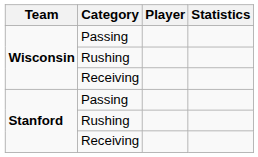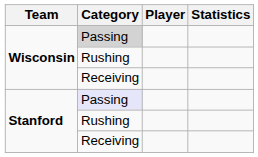 <table class="wikitable" style="float: right;">
 <tr>
 <th>Team</th>
 <th>Category</th>
 <th>Player</th>
 <th>Statistics</th>
 </tr>
 <tr>
 <td rowspan=3><strong>Wisconsin</strong></td>
-<td>Passing</td>
+<td style="background: lightgrey;">Passing</td>
 <td></td>
 <td></td>
 </tr>
 <tr>
 <td>Rushing</td>
 <td></td>
 <td></td>
 </tr>
 <tr>
 <td>Receiving</td>
 <td></td>
 <td></td>
 </tr>
 <tr>
 <td rowspan=3><strong>Stanford</strong></td>
-<td>Passing</td>
+<td style="background: lavender;">Passing</td>
 <td></td>
 <td></td>
 </tr>
 <tr>
 <td>Rushing</td>
 <td></td>
 <td></td>
 </tr>
 <tr>
 <td>Receiving</td>
 <td></td>
 <td></td>
 </tr>
 </table>
